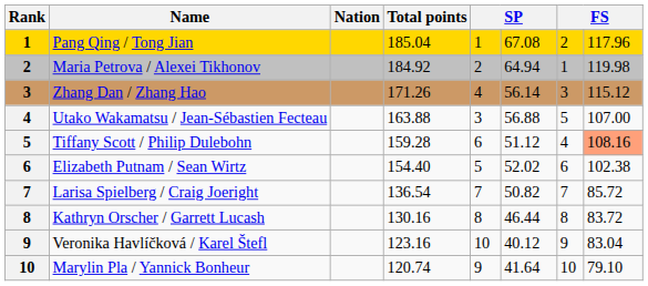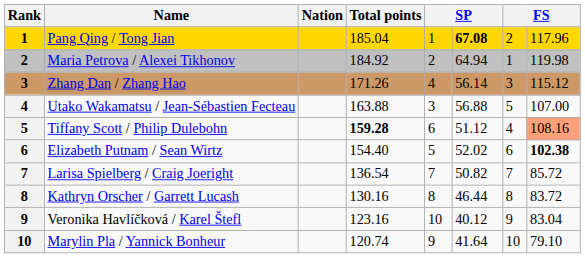 <table class="wikitable">
 <tr>
 <th>Rank</th>
 <th>Name</th>
 <th>Nation</th>
 <th>Total points</th>
 <th colspan="2" width="80px"><a href='#'>SP</a></th>
 <th colspan="2" width="80px"><a href='#'>FS</a></th>
 </tr>
 <tr bgcolor="gold">
 <td align="center"><strong>1</strong></td>
 <td><a href='#'>Pang Qing</a> / <a href='#'>Tong Jian</a></td>
 <td></td>
 <td>185.04</td>
 <td>1</td>
-<td>67.08</td>
+<td><strong>67.08</strong></td>
 <td>2</td>
 <td>117.96</td>
 </tr>
 <tr bgcolor="silver">
 <td align="center"><strong>2</strong></td>
 <td><a href='#'>Maria Petrova</a> / <a href='#'>Alexei Tikhonov</a></td>
 <td></td>
 <td>184.92</td>
 <td>2</td>
 <td>64.94</td>
 <td>1</td>
 <td>119.98</td>
 </tr>
 <tr bgcolor="cc9966">
 <td align="center"><strong>3</strong></td>
 <td><a href='#'>Zhang Dan</a> / <a href='#'>Zhang Hao</a></td>
 <td></td>
 <td>171.26</td>
 <td>4</td>
 <td>56.14</td>
 <td>3</td>
 <td>115.12</td>
 </tr>
 <tr>
 <th>4</th>
 <td><a href='#'>Utako Wakamatsu</a> / <a href='#'>Jean-Sébastien Fecteau</a></td>
 <td></td>
 <td>163.88</td>
 <td>3</td>
 <td>56.88</td>
 <td>5</td>
 <td>107.00</td>
 </tr>
 <tr>
 <th>5</th>
 <td><a href='#'>Tiffany Scott</a> / <a href='#'>Philip Dulebohn</a></td>
 <td></td>
-<td>159.28</td>
+<td><strong>159.28</strong></td>
 <td>6</td>
 <td>51.12</td>
 <td>4</td>
 <td style="background: lightsalmon;">108.16</td>
 </tr>
 <tr>
 <th>6</th>
 <td><a href='#'>Elizabeth Putnam</a> / <a href='#'>Sean Wirtz</a></td>
 <td></td>
 <td>154.40</td>
 <td>5</td>
 <td>52.02</td>
 <td>6</td>
-<td>102.38</td>
+<td><strong>102.38</strong></td>
 </tr>
 <tr>
 <th>7</th>
 <td><a href='#'>Larisa Spielberg</a> / <a href='#'>Craig Joeright</a></td>
 <td></td>
 <td>136.54</td>
 <td>7</td>
 <td>50.82</td>
 <td>7</td>
 <td>85.72</td>
 </tr>
 <tr>
 <th>8</th>
 <td><a href='#'>Kathryn Orscher</a> / <a href='#'>Garrett Lucash</a></td>
 <td></td>
 <td>130.16</td>
 <td>8</td>
 <td>46.44</td>
 <td>8</td>
 <td>83.72</td>
 </tr>
 <tr>
 <th>9</th>
 <td>Veronika Havlíčková / <a href='#'>Karel Štefl</a></td>
 <td></td>
 <td>123.16</td>
 <td>10</td>
 <td>40.12</td>
 <td>9</td>
 <td>83.04</td>
 </tr>
 <tr>
 <th>10</th>
 <td><a href='#'>Marylin Pla</a> / <a href='#'>Yannick Bonheur</a></td>
 <td></td>
 <td>120.74</td>
 <td>9</td>
 <td>41.64</td>
 <td>10</td>
 <td>79.10</td>
 </tr>
 </table>
